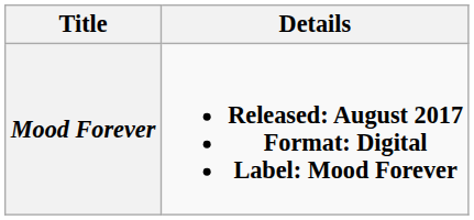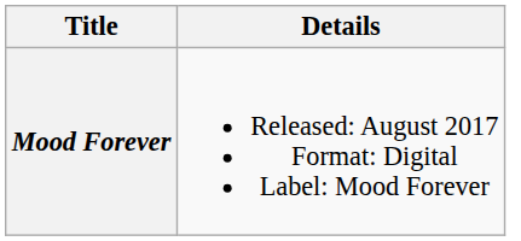 <table class="wikitable plainrowheaders" style="text-align:center;" border="1">
 <tr>
 <th>Title</th>
 <th>Details</th>
 </tr>
 <tr>
 <th scope="row"><em>Mood Forever</em></th>
-<td><strong><br><ul><li>Released: August 2017</li><li>Format: Digital</li><li>Label: Mood Forever</li></ul></strong></td>
+<td><br><ul><li>Released: August 2017</li><li>Format: Digital</li><li>Label: Mood Forever</li></ul></td>
 </tr>
 </table>
